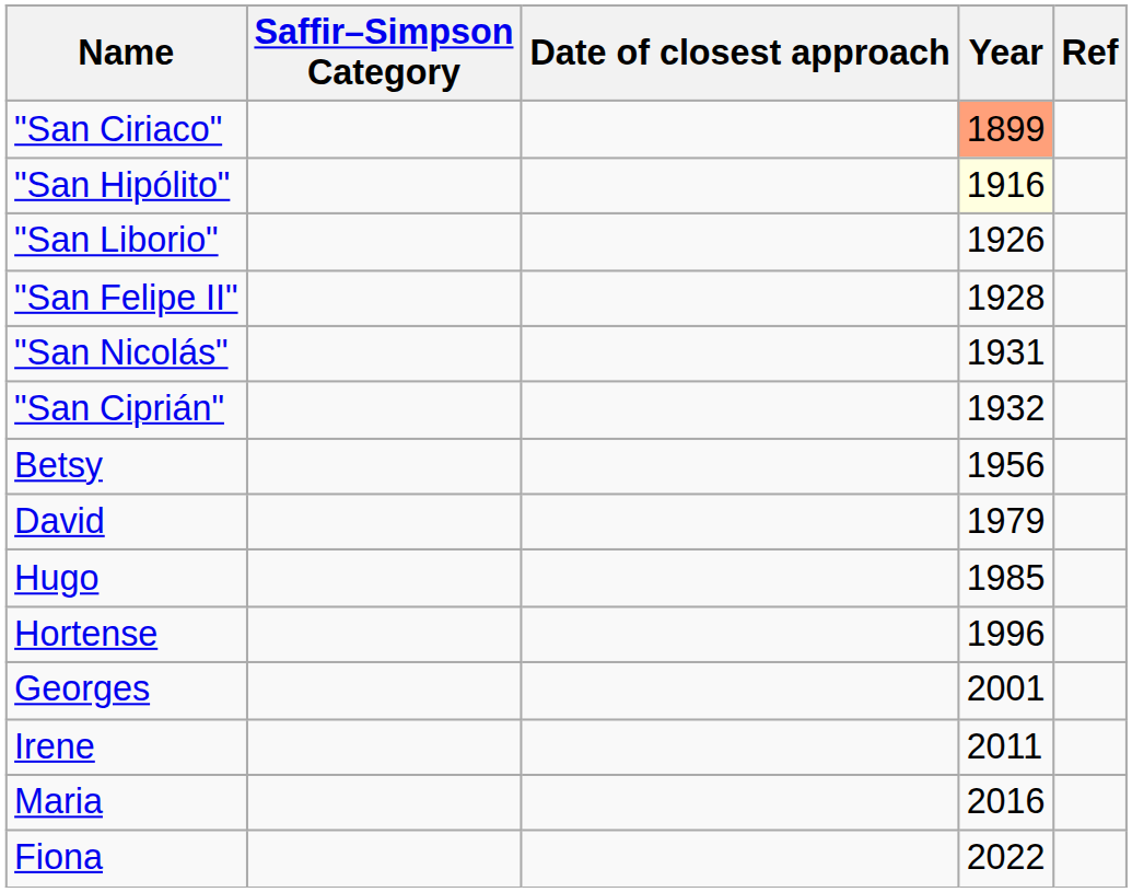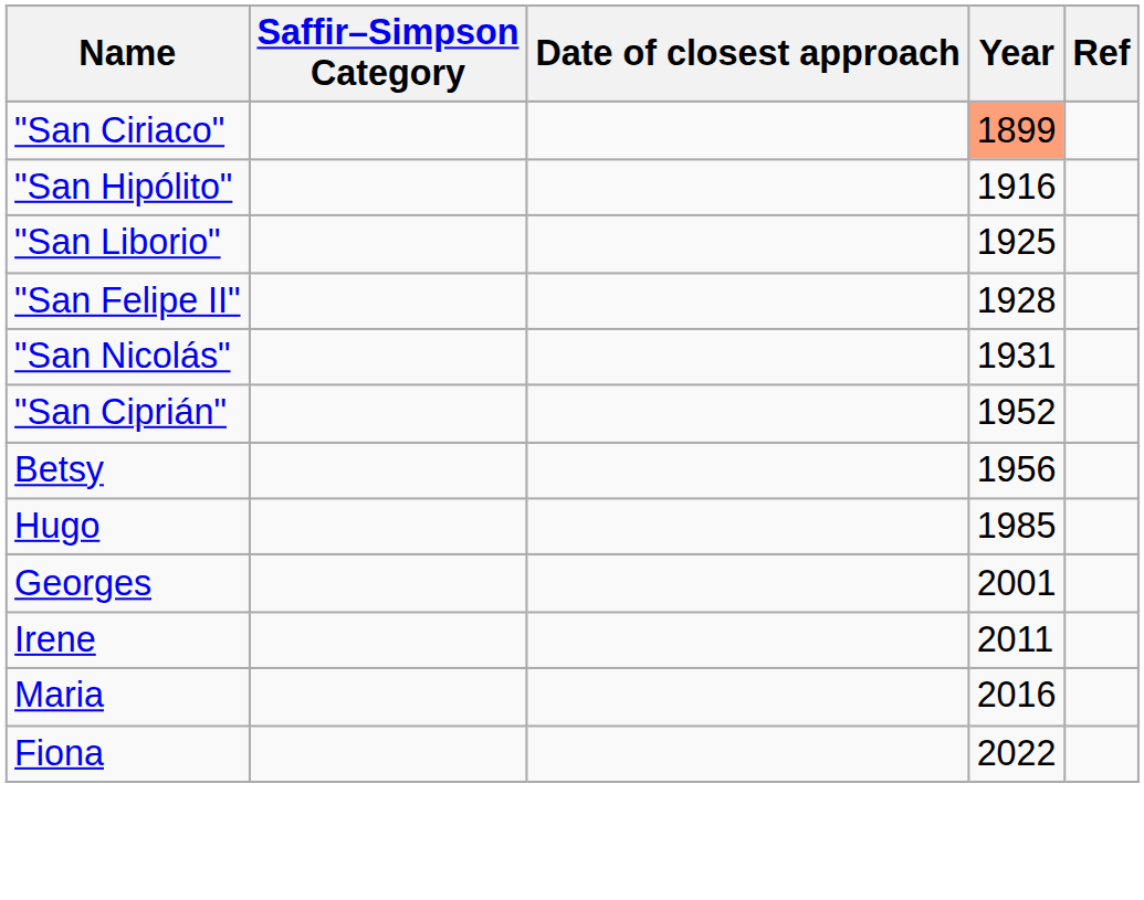 <table class = "wikitable" style="margin:1em auto;">
 <tr>
 <th>Name</th>
 <th><a href='#'>Saffir–Simpson</a><br>Category</th>
 <th>Date of closest approach</th>
 <th>Year</th>
 <th>Ref</th>
 </tr>
 <tr>
 <td><a href='#'>"San Ciriaco"</a></td>
 <td></td>
 <td></td>
 <td style="background: lightsalmon;">1899</td>
 <td></td>
 </tr>
 <tr>
 <td><a href='#'>"San Hipólito"</a></td>
 <td></td>
 <td></td>
-<td style="background: lightyellow;">1916</td>
+<td>1916</td>
 <td></td>
 </tr>
 <tr>
 <td><a href='#'>"San Liborio"</a></td>
 <td></td>
 <td></td>
-<td>1926</td>
+<td>1925</td>
 <td></td>
 </tr>
 <tr>
 <td><a href='#'>"San Felipe II"</a></td>
 <td></td>
 <td></td>
 <td>1928</td>
 <td></td>
 </tr>
 <tr>
 <td><a href='#'>"San Nicolás"</a></td>
 <td></td>
 <td></td>
 <td>1931</td>
 <td></td>
 </tr>
 <tr>
 <td><a href='#'>"San Ciprián"</a></td>
 <td></td>
 <td></td>
-<td>1932</td>
+<td>1952</td>
 <td></td>
 </tr>
 <tr>
 <td><a href='#'>Betsy</a></td>
 <td></td>
 <td></td>
 <td>1956</td>
 <td></td>
 </tr>
 <tr>
-<td><a href='#'>David</a></td>
-<td></td>
-<td></td>
-<td>1979</td>
-<td></td>
-</tr>
-<tr>
 <td><a href='#'>Hugo</a></td>
 <td></td>
 <td></td>
 <td>1985</td>
-<td></td>
-</tr>
-<tr>
-<td><a href='#'>Hortense</a></td>
-<td></td>
-<td></td>
-<td>1996</td>
 <td></td>
 </tr>
 <tr>
 <td><a href='#'>Georges</a></td>
 <td></td>
 <td></td>
 <td>2001</td>
 <td></td>
 </tr>
 <tr>
 <td><a href='#'>Irene</a></td>
 <td></td>
 <td></td>
 <td>2011</td>
 <td></td>
 </tr>
 <tr>
 <td><a href='#'>Maria</a></td>
 <td></td>
 <td></td>
 <td>2016</td>
 <td></td>
 </tr>
 <tr>
 <td><a href='#'>Fiona</a></td>
 <td></td>
 <td></td>
 <td>2022</td>
 <td></td>
 </tr>
 </table>
